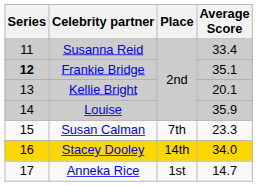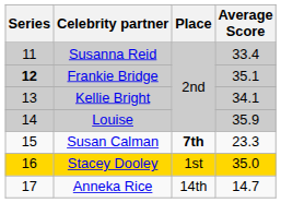 <table class="wikitable sortable" style="margin:auto;">
 <tr>
 <th>Series</th>
 <th>Celebrity partner</th>
 <th>Place</th>
 <th>Average<br>Score</th>
 </tr>
 <tr style="text-align:center; background:#ccc;">
 <td>11</td>
 <td><a href='#'>Susanna Reid</a></td>
 <td rowspan="4">2nd</td>
 <td>33.4</td>
 </tr>
 <tr style="text-align:center; background:#ccc;">
 <td><strong>12</strong></td>
 <td><a href='#'>Frankie Bridge</a></td>
 <td>35.1</td>
 </tr>
 <tr style="text-align:center; background:#ccc;">
 <td>13</td>
 <td><a href='#'>Kellie Bright</a></td>
-<td>20.1</td>
+<td>34.1</td>
 </tr>
 <tr style="text-align:center; background:#ccc;">
 <td>14</td>
 <td><a href='#'>Louise</a></td>
 <td>35.9</td>
 </tr>
 <tr style="text-align:center;">
 <td>15</td>
 <td><a href='#'>Susan Calman</a></td>
-<td>7th</td>
+<td><strong>7th</strong></td>
 <td>23.3</td>
 </tr>
 <tr style="text-align:center; background:gold;">
 <td>16</td>
 <td><a href='#'>Stacey Dooley</a></td>
-<td>14th</td>
-<td>34.0</td>
+<td>1st</td>
+<td>35.0</td>
 </tr>
 <tr style="text-align:center;">
 <td>17</td>
 <td><a href='#'>Anneka Rice</a></td>
-<td>1st</td>
+<td>14th</td>
 <td>14.7</td>
 </tr>
 </table>
